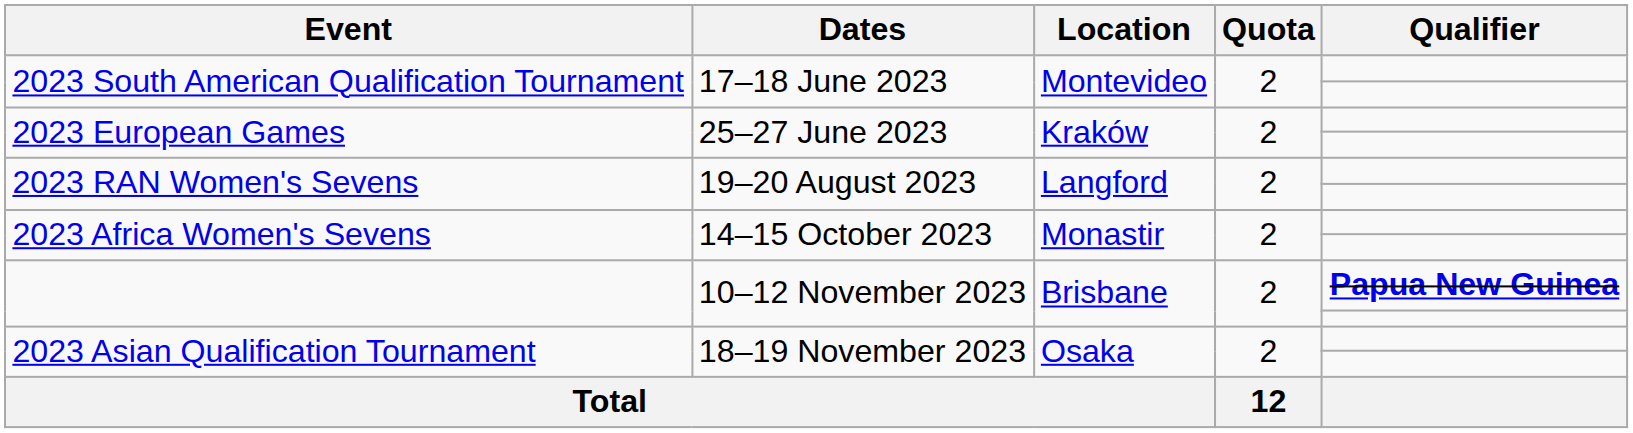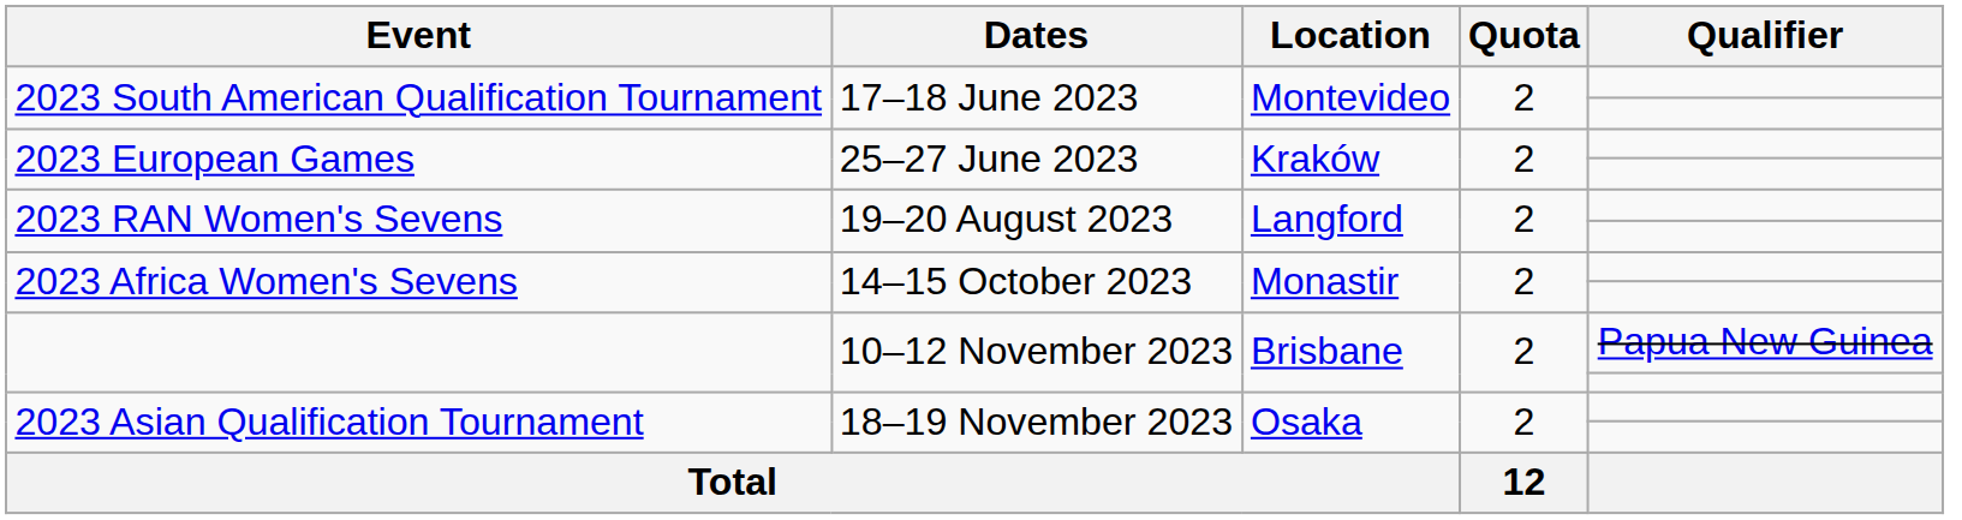 <table class=wikitable>
 <tr>
 <th>Event</th>
 <th>Dates</th>
 <th>Location</th>
 <th>Quota</th>
 <th>Qualifier</th>
 </tr>
 <tr>
 <td rowspan=2><a href='#'>2023 South American Qualification Tournament</a></td>
 <td rowspan=2>17–18 June 2023</td>
 <td rowspan=2> <a href='#'>Montevideo</a></td>
 <td rowspan=2 align=center>2</td>
 <td></td>
 </tr>
 <tr>
 <td></td>
 </tr>
 <tr>
 <td rowspan=2><a href='#'>2023 European Games</a></td>
 <td rowspan=2>25–27 June 2023</td>
 <td rowspan=2> <a href='#'>Kraków</a></td>
 <td rowspan=2 align=center>2</td>
 <td></td>
 </tr>
 <tr>
 <td nowrap></td>
 </tr>
 <tr>
 <td rowspan=2><a href='#'>2023 RAN Women's Sevens</a></td>
 <td rowspan=2>19–20 August 2023</td>
 <td rowspan=2> <a href='#'>Langford</a></td>
 <td rowspan=2 align=center>2</td>
 <td></td>
 </tr>
 <tr>
 <td></td>
 </tr>
 <tr>
 <td rowspan=2><a href='#'>2023 Africa Women's Sevens</a></td>
 <td rowspan=2>14–15 October 2023</td>
 <td rowspan=2> <a href='#'>Monastir</a></td>
 <td rowspan=2 align=center>2</td>
 <td></td>
 </tr>
 <tr>
 <td></td>
 </tr>
 <tr>
 <td rowspan=2></td>
 <td rowspan=2>10–12 November 2023</td>
 <td rowspan="2"> <a href='#'>Brisbane</a></td>
 <td rowspan=2 align=center>2</td>
-<td><strong> <s><a href='#'>Papua New Guinea</a></s></strong></td>
+<td> <s><a href='#'>Papua New Guinea</a></s></td>
 </tr>
 <tr>
 <td></td>
 </tr>
 <tr>
 <td rowspan=2><a href='#'>2023 Asian Qualification Tournament</a></td>
 <td rowspan=2>18–19 November 2023</td>
 <td rowspan="2"> <a href='#'>Osaka</a></td>
 <td rowspan="2" align="center">2</td>
 <td></td>
 </tr>
 <tr>
 <td></td>
 </tr>
 <tr>
 <th colspan=3>Total</th>
 <th>12</th>
 <th></th>
 </tr>
 </table>
